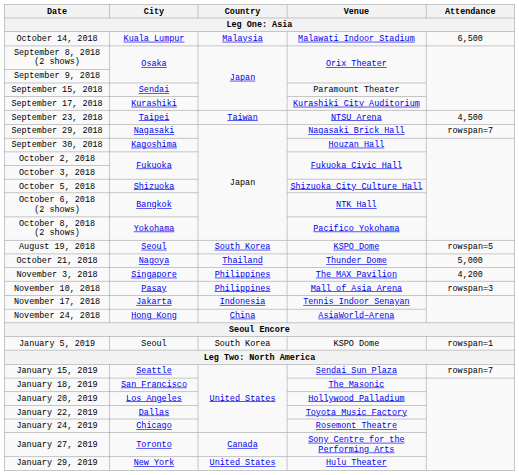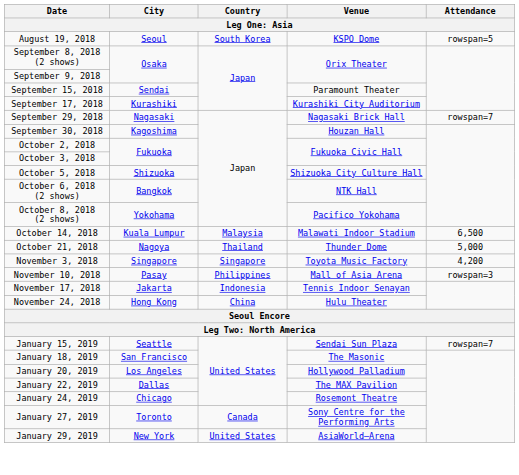 <table class="wikitable" style="text-align:center;">
 <tr>
 <th scope="col" style="width:12em;">Date</th>
 <th scope="col" style="width:10em;">City</th>
 <th scope="col" style="width:10em;">Country</th>
 <th scope="col" style="width:16em;">Venue</th>
 <th scope="col" style="width:10em;">Attendance</th>
 </tr>
 <tr>
 <th colspan="5">Leg One: Asia</th>
 </tr>
 <tr>
-<td>October 14, 2018</td>
-<td><a href='#'>Kuala Lumpur</a></td>
-<td><a href='#'>Malaysia</a></td>
-<td><a href='#'>Malawati Indoor Stadium</a></td>
-<td>6,500</td>
+<td>August 19, 2018</td>
+<td><a href='#'>Seoul</a></td>
+<td><a href='#'>South Korea</a></td>
+<td><a href='#'>KSPO Dome</a></td>
+<td>rowspan=5 </td>
 </tr>
 <tr>
 <td>September 8, 2018<br>(2 shows)</td>
 <td rowspan=2><a href='#'>Osaka</a></td>
 <td rowspan=4><a href='#'>Japan</a></td>
 <td rowspan=2><a href='#'>Orix Theater</a></td>
 </tr>
 <tr>
 <td>September 9, 2018</td>
 </tr>
 <tr>
 <td>September 15, 2018</td>
 <td><a href='#'>Sendai</a></td>
 <td>Paramount Theater</td>
 </tr>
 <tr>
 <td>September 17, 2018</td>
 <td><a href='#'>Kurashiki</a></td>
 <td><a href='#'>Kurashiki City Auditorium</a></td>
-</tr>
-<tr>
-<td>September 23, 2018</td>
-<td><a href='#'>Taipei</a></td>
-<td><a href='#'>Taiwan</a></td>
-<td><a href='#'>NTSU Arena</a></td>
-<td>4,500</td>
 </tr>
 <tr>
 <td>September 29, 2018</td>
 <td><a href='#'>Nagasaki</a></td>
 <td rowspan=7>Japan</td>
 <td><a href='#'>Nagasaki Brick Hall</a></td>
 <td>rowspan=7 </td>
 </tr>
 <tr>
 <td>September 30, 2018</td>
 <td><a href='#'>Kagoshima</a></td>
 <td><a href='#'>Houzan Hall</a></td>
 </tr>
 <tr>
 <td>October 2, 2018</td>
 <td rowspan=2><a href='#'>Fukuoka</a></td>
 <td rowspan=2><a href='#'>Fukuoka Civic Hall</a></td>
 </tr>
 <tr>
 <td>October 3, 2018</td>
 </tr>
 <tr>
 <td>October 5, 2018</td>
 <td><a href='#'>Shizuoka</a></td>
 <td><a href='#'>Shizuoka City Culture Hall</a></td>
 </tr>
 <tr>
 <td>October 6, 2018<br>(2 shows)</td>
 <td><a href='#'>Bangkok</a></td>
 <td><a href='#'>NTK Hall</a></td>
 </tr>
 <tr>
 <td>October 8, 2018<br>(2 shows)</td>
 <td><a href='#'>Yokohama</a></td>
 <td><a href='#'>Pacifico Yokohama</a></td>
 </tr>
 <tr>
-<td>August 19, 2018</td>
-<td><a href='#'>Seoul</a></td>
-<td><a href='#'>South Korea</a></td>
-<td><a href='#'>KSPO Dome</a></td>
-<td>rowspan=5 </td>
+<td>October 14, 2018</td>
+<td><a href='#'>Kuala Lumpur</a></td>
+<td><a href='#'>Malaysia</a></td>
+<td><a href='#'>Malawati Indoor Stadium</a></td>
+<td>6,500</td>
 </tr>
 <tr>
 <td>October 21, 2018</td>
 <td><a href='#'>Nagoya</a></td>
 <td><a href='#'>Thailand</a></td>
 <td><a href='#'>Thunder Dome</a></td>
 <td>5,000</td>
 </tr>
 <tr>
 <td>November 3, 2018</td>
 <td><a href='#'>Singapore</a></td>
-<td><a href='#'>Philippines</a></td>
-<td><a href='#'>The MAX Pavilion</a></td>
+<td><a href='#'>Singapore</a></td>
+<td><a href='#'>Toyota Music Factory</a></td>
 <td>4,200</td>
 </tr>
 <tr>
 <td>November 10, 2018</td>
 <td><a href='#'>Pasay</a></td>
 <td><a href='#'>Philippines</a></td>
 <td><a href='#'>Mall of Asia Arena</a></td>
 <td>rowspan=3 </td>
 </tr>
 <tr>
 <td>November 17, 2018</td>
 <td><a href='#'>Jakarta</a></td>
 <td><a href='#'>Indonesia</a></td>
 <td><a href='#'>Tennis Indoor Senayan</a></td>
 </tr>
 <tr>
 <td>November 24, 2018</td>
 <td><a href='#'>Hong Kong</a></td>
 <td><a href='#'>China</a></td>
-<td><a href='#'>AsiaWorld–Arena</a></td>
+<td><a href='#'>Hulu Theater</a></td>
 </tr>
 <tr>
 <th colspan="5">Seoul Encore</th>
-</tr>
-<tr>
-<td>January 5, 2019</td>
-<td>Seoul</td>
-<td>South Korea</td>
-<td>KSPO Dome</td>
-<td>rowspan=1 </td>
 </tr>
 <tr>
 <th colspan="5">Leg Two: North America</th>
 </tr>
 <tr>
 <td>January 15, 2019</td>
 <td><a href='#'>Seattle</a></td>
 <td rowspan=5><a href='#'>United States</a></td>
 <td><a href='#'>Sendai Sun Plaza</a></td>
 <td>rowspan=7 </td>
 </tr>
 <tr>
 <td>January 18, 2019</td>
 <td><a href='#'>San Francisco</a></td>
 <td><a href='#'>The Masonic</a></td>
 </tr>
 <tr>
 <td>January 20, 2019</td>
 <td><a href='#'>Los Angeles</a></td>
 <td><a href='#'>Hollywood Palladium</a></td>
 </tr>
 <tr>
 <td>January 22, 2019</td>
 <td><a href='#'>Dallas</a></td>
-<td><a href='#'>Toyota Music Factory</a></td>
+<td><a href='#'>The MAX Pavilion</a></td>
 </tr>
 <tr>
 <td>January 24, 2019</td>
 <td><a href='#'>Chicago</a></td>
 <td><a href='#'>Rosemont Theatre</a></td>
 </tr>
 <tr>
 <td>January 27, 2019</td>
 <td><a href='#'>Toronto</a></td>
 <td><a href='#'>Canada</a></td>
 <td><a href='#'>Sony Centre for the Performing Arts</a></td>
 </tr>
 <tr>
 <td>January 29, 2019</td>
 <td><a href='#'>New York</a></td>
 <td><a href='#'>United States</a></td>
-<td><a href='#'>Hulu Theater</a></td>
+<td><a href='#'>AsiaWorld–Arena</a></td>
 </tr>
 </table>
